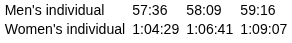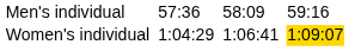 <table>
 <tr>
 <td>Men's individual</td>
 <td></td>
 <td>57:36</td>
 <td></td>
 <td>58:09</td>
 <td></td>
 <td>59:16</td>
 </tr>
 <tr>
 <td>Women's individual</td>
 <td></td>
 <td>1:04:29</td>
 <td></td>
 <td>1:06:41</td>
 <td></td>
-<td>1:09:07</td>
+<td style="background: gold;">1:09:07</td>
 </tr>
 </table>
